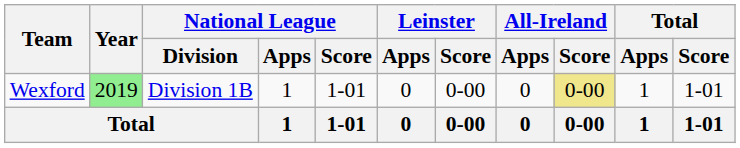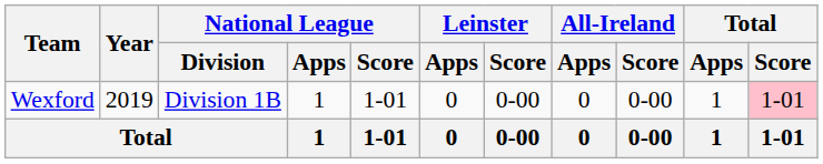 <table class="wikitable" style="text-align:center">
 <tr>
 <th rowspan="2">Team</th>
 <th rowspan="2">Year</th>
 <th colspan="3"><a href='#'>National League</a></th>
 <th colspan="2"><a href='#'>Leinster</a></th>
 <th colspan="2"><a href='#'>All-Ireland</a></th>
 <th colspan="2">Total</th>
 </tr>
 <tr>
 <th>Division</th>
 <th>Apps</th>
 <th>Score</th>
 <th>Apps</th>
 <th>Score</th>
 <th>Apps</th>
 <th>Score</th>
 <th>Apps</th>
 <th>Score</th>
 </tr>
 <tr>
 <td rowspan="1"><a href='#'>Wexford</a></td>
-<td style="background: lightgreen;">2019</td>
+<td>2019</td>
 <td rowspan="1"><a href='#'>Division 1B</a></td>
 <td>1</td>
 <td>1-01</td>
 <td>0</td>
 <td>0-00</td>
 <td>0</td>
-<td style="background: khaki;">0-00</td>
+<td>0-00</td>
 <td>1</td>
-<td>1-01</td>
+<td style="background: pink;">1-01</td>
 </tr>
 <tr>
 <th colspan="3">Total</th>
 <th>1</th>
 <th>1-01</th>
 <th>0</th>
 <th>0-00</th>
 <th>0</th>
 <th>0-00</th>
 <th>1</th>
 <th>1-01</th>
 </tr>
 </table>
